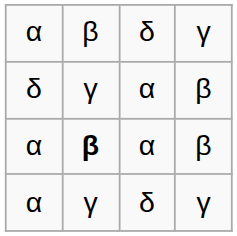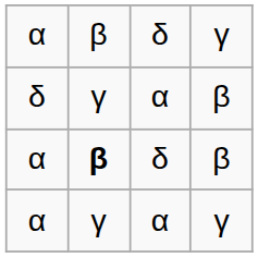 <table class="wikitable" style="margin-left:auto;margin-right:auto;text-align:center;width:8em;height:8em;table-layout:fixed;">
 <tr>
 <td>α</td>
 <td>β</td>
 <td>δ</td>
 <td>γ</td>
 </tr>
 <tr>
 <td>δ</td>
 <td>γ</td>
 <td>α</td>
 <td>β</td>
 </tr>
 <tr>
 <td>α</td>
 <td><strong>β</strong></td>
-<td>α</td>
+<td>δ</td>
 <td>β</td>
 </tr>
 <tr>
 <td>α</td>
 <td>γ</td>
-<td>δ</td>
+<td>α</td>
 <td>γ</td>
 </tr>
 </table>
